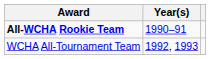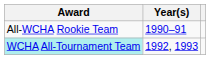 <table class="wikitable">
 <tr>
 <th>Award</th>
 <th>Year(s)</th>
 <th></th>
 </tr>
 <tr>
-<td><strong>All-<a href='#'>WCHA</a> <a href='#'>Rookie Team</a></strong></td>
+<td>All-<a href='#'>WCHA</a> <a href='#'>Rookie Team</a></td>
 <td><a href='#'>1990–91</a></td>
 <td></td>
 </tr>
 <tr>
-<td><a href='#'>WCHA</a> <a href='#'>All-Tournament Team</a></td>
+<td style="background: paleturquoise;"><a href='#'>WCHA</a> <a href='#'>All-Tournament Team</a></td>
 <td><a href='#'>1992</a>, <a href='#'>1993</a></td>
 <td></td>
 </tr>
 </table>
